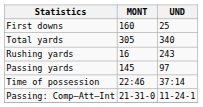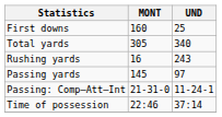 <table class="wikitable" style="float: left;">
 <tr>
 <th>Statistics</th>
 <th>MONT</th>
 <th>UND</th>
 </tr>
 <tr>
 <td>First downs</td>
 <td>160</td>
 <td>25</td>
 </tr>
 <tr>
 <td>Total yards</td>
 <td>305</td>
 <td>340</td>
 </tr>
 <tr>
 <td>Rushing yards</td>
 <td>16</td>
 <td>243</td>
 </tr>
 <tr>
 <td>Passing yards</td>
 <td>145</td>
 <td>97</td>
 </tr>
 <tr>
+<td>Passing: Comp–Att–Int</td>
+<td>21-31-0</td>
+<td>11-24-1</td>
+</tr>
+<tr>
 <td>Time of possession</td>
 <td>22:46</td>
 <td>37:14</td>
 </tr>
 <tr>
-<td>Passing: Comp–Att–Int</td>
-<td>21-31-0</td>
-<td>11-24-1</td>
-</tr>
-<tr>
 </tr>
 </table>
